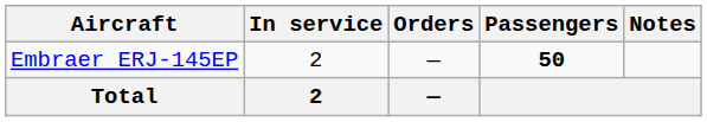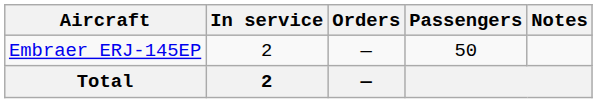 <table class="wikitable" style="margin:1em auto; text-align:center">
 <tr>
 <th>Aircraft</th>
 <th>In service</th>
 <th>Orders</th>
 <th>Passengers</th>
 <th>Notes</th>
 </tr>
 <tr>
 <td><a href='#'>Embraer ERJ-145EP</a></td>
 <td>2</td>
 <td>—</td>
-<td><strong>50</strong></td>
+<td>50</td>
 <td></td>
 </tr>
 <tr>
 <th>Total</th>
 <th>2</th>
 <th>—</th>
 <th colspan=2></th>
 </tr>
 </table>
